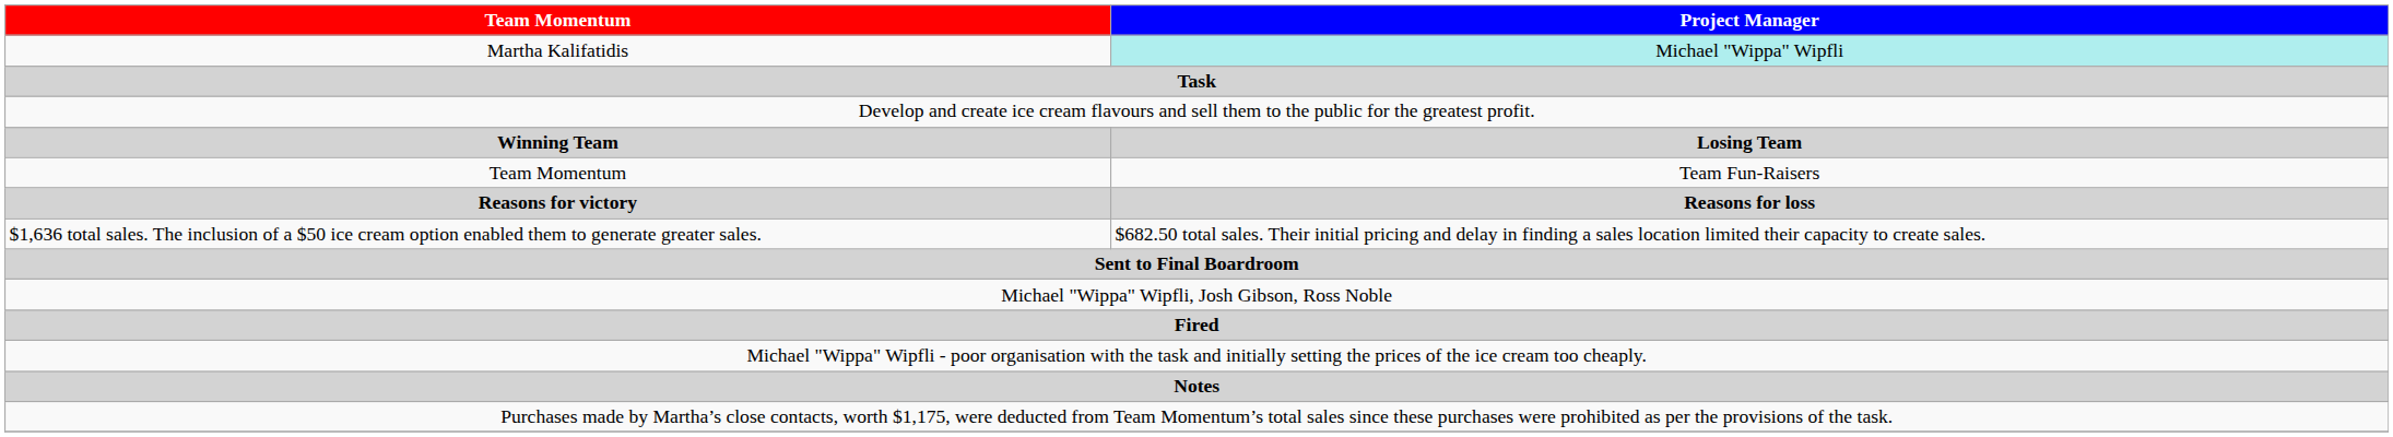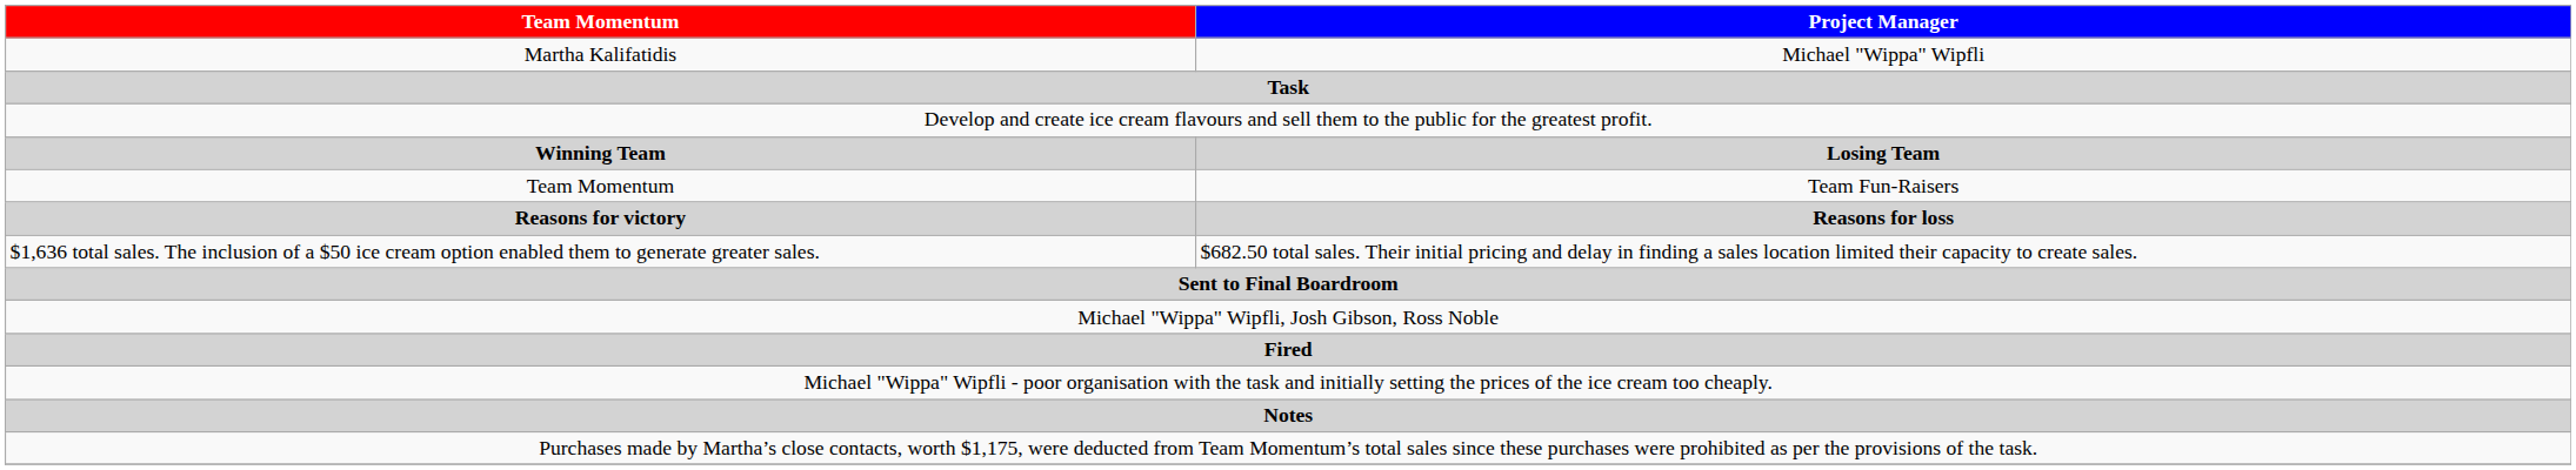 <table class="wikitable" style="text-align: center; width:100%">
 <tr>
 <th style="text-align:center; background:red;color:white">Team Momentum </th>
 <th style="text-align:center; background:blue;color:white"> Project Manager</th>
 </tr>
 <tr>
 <td>Martha Kalifatidis</td>
-<td style="background: paleturquoise;">Michael "Wippa" Wipfli</td>
+<td>Michael "Wippa" Wipfli</td>
 </tr>
 <tr>
 <th colspan="2" style="text-align:center; background:lightgrey;">Task</th>
 </tr>
 <tr>
 <td colspan="2">Develop and create ice cream flavours and sell them to the public for the greatest profit.</td>
 </tr>
 <tr>
 <th style="text-align:center; background:lightgrey;">Winning Team</th>
 <th style="text-align:center; background:lightgrey;">Losing Team</th>
 </tr>
 <tr>
 <td>Team Momentum</td>
 <td>Team Fun-Raisers</td>
 </tr>
 <tr>
 <th style="text-align:center; background:lightgrey;">Reasons for victory</th>
 <th style="text-align:center; background:lightgrey;">Reasons for loss</th>
 </tr>
 <tr style="text-align: left; ">
 <td>$1,636 total sales. The inclusion of a $50 ice cream option enabled them to generate greater sales.</td>
 <td>$682.50 total sales. Their initial pricing and delay in finding a sales location limited their capacity to create sales.</td>
 </tr>
 <tr>
 <th colspan="2" style="text-align:center; background:lightgrey;">Sent to Final Boardroom</th>
 </tr>
 <tr>
 <td colspan="2">Michael "Wippa" Wipfli, Josh Gibson, Ross Noble</td>
 </tr>
 <tr>
 <th colspan="2" style="text-align:center; background:lightgrey;">Fired</th>
 </tr>
 <tr>
 <td colspan="2">Michael "Wippa" Wipfli - poor organisation with the task and initially setting the prices of the ice cream too cheaply.</td>
 </tr>
 <tr>
 <th colspan="2" style="text-align:center; background:lightgrey;">Notes</th>
 </tr>
 <tr>
 <td colspan="2">Purchases made by Martha’s close contacts, worth $1,175, were deducted from Team Momentum’s total sales since these purchases were prohibited as per the provisions of the task.</td>
 </tr>
 <tr>
 </tr>
 </table>
